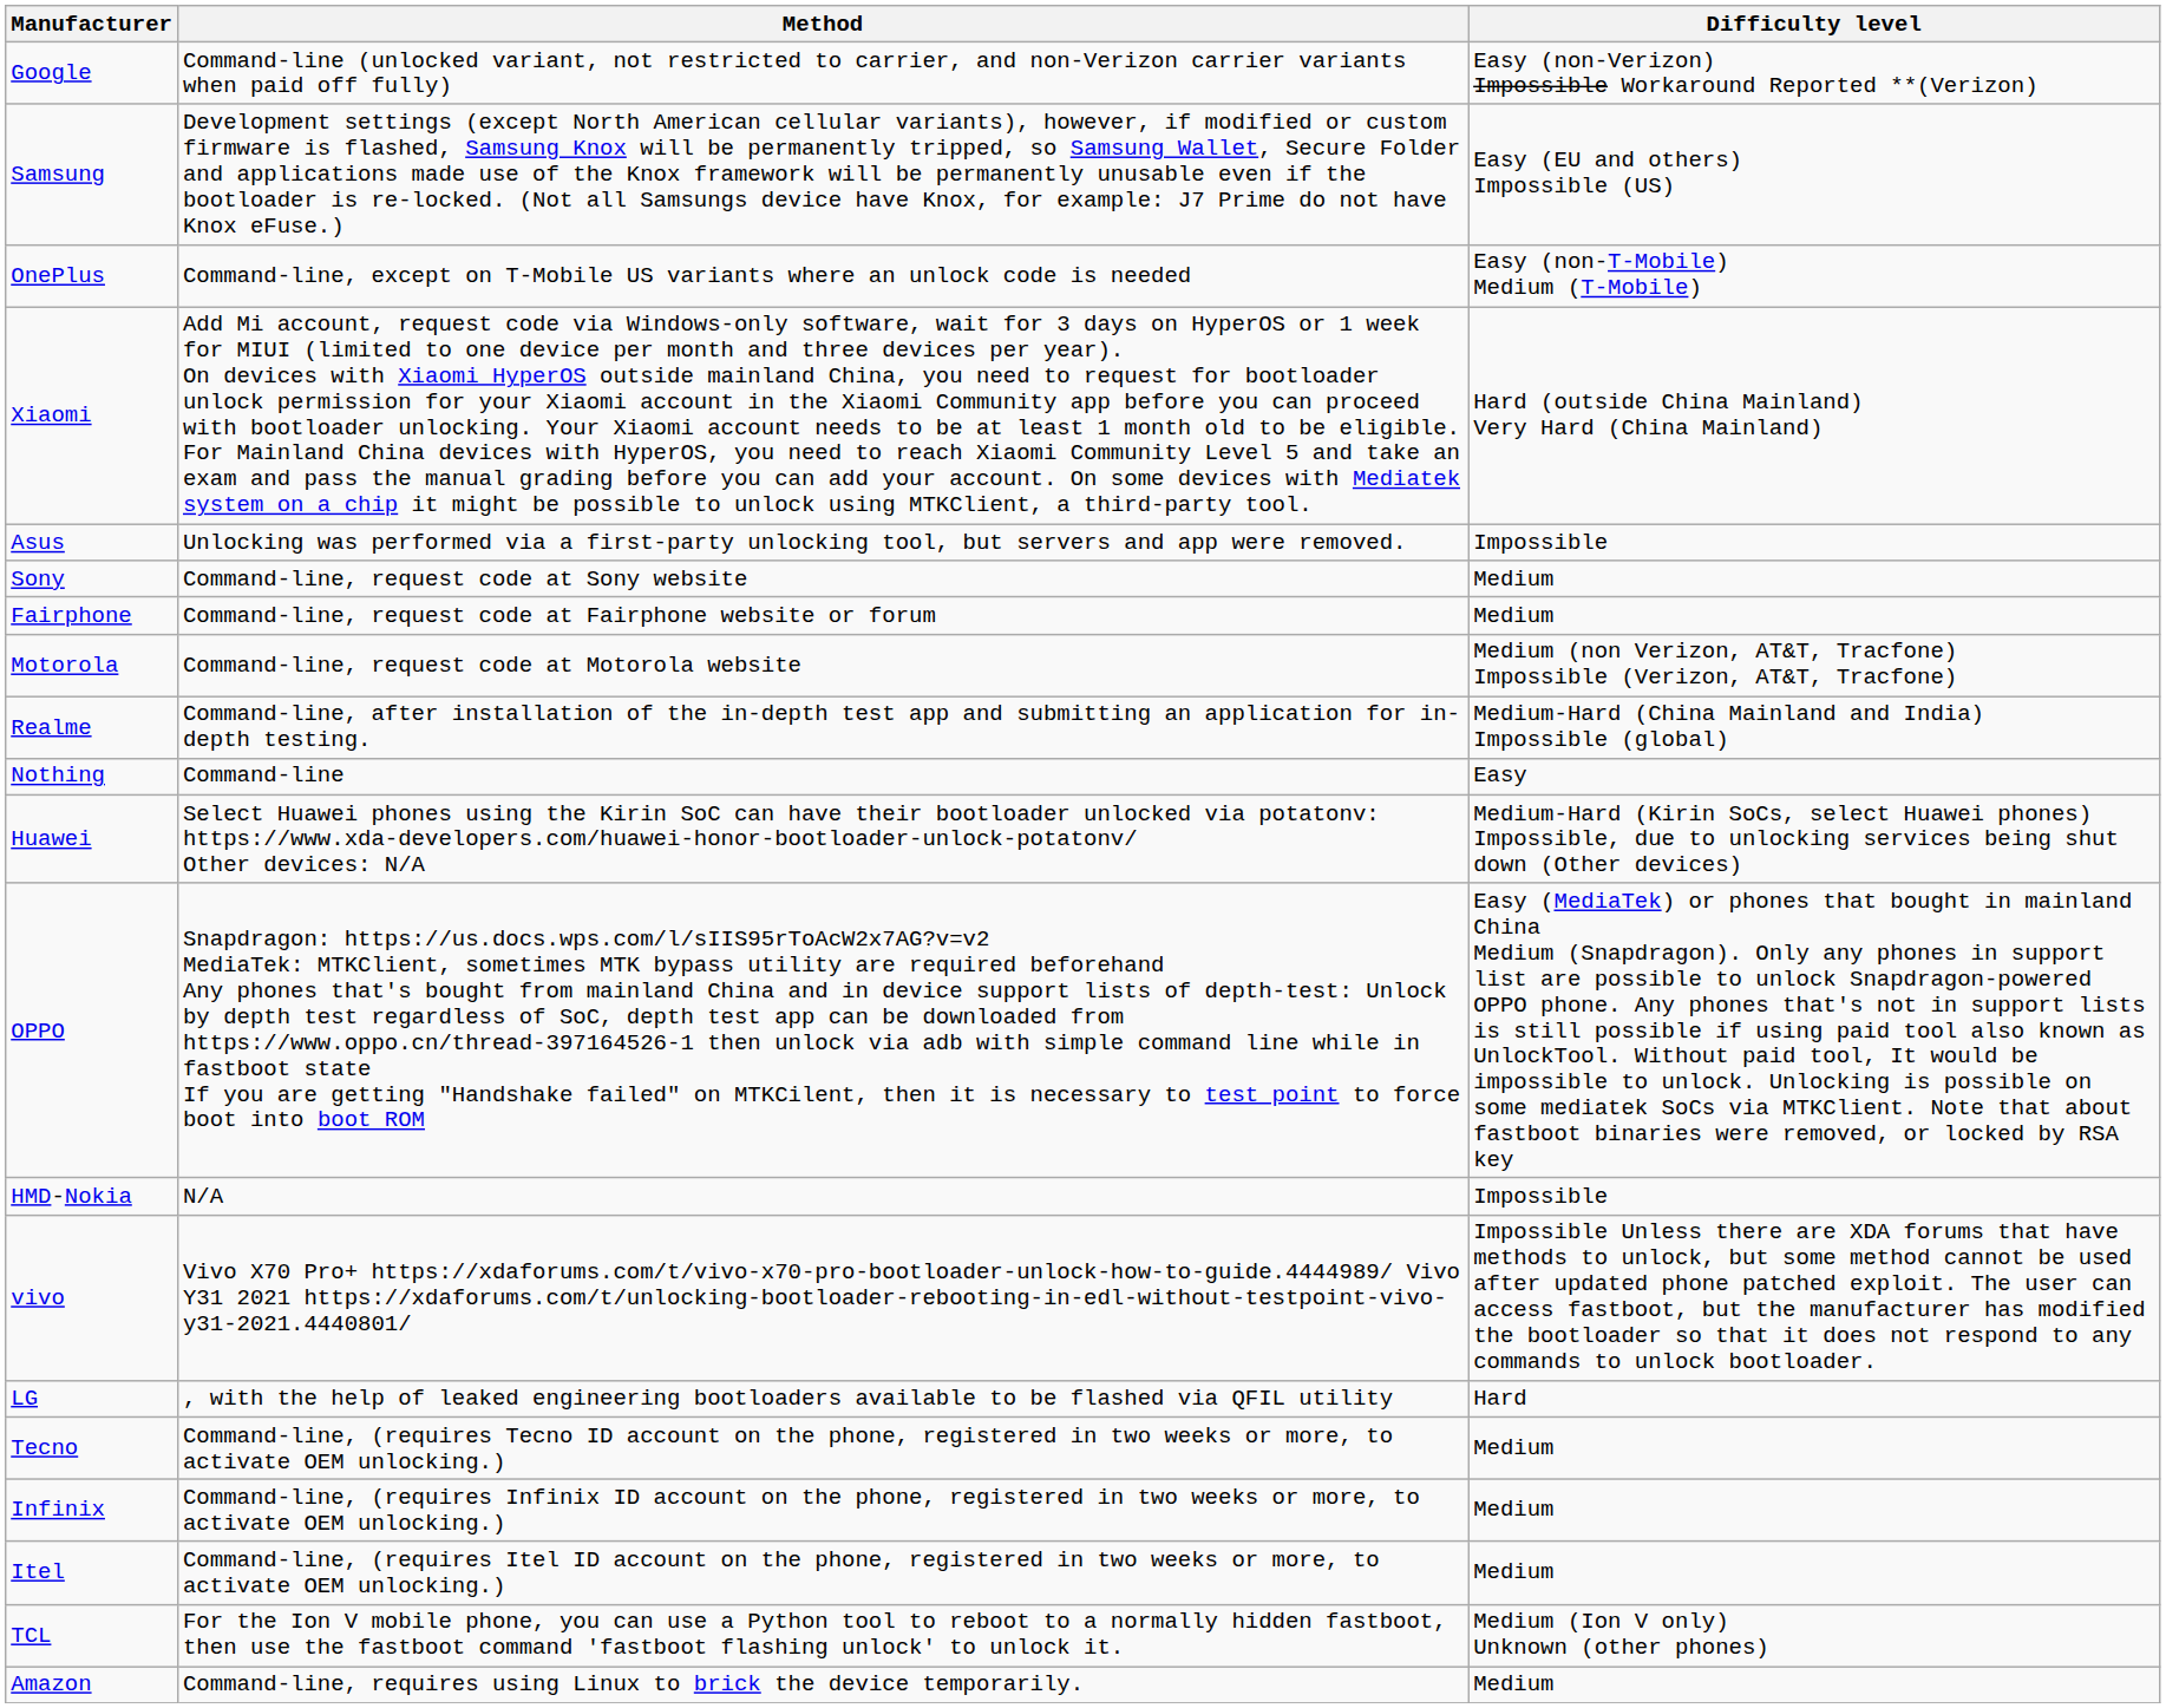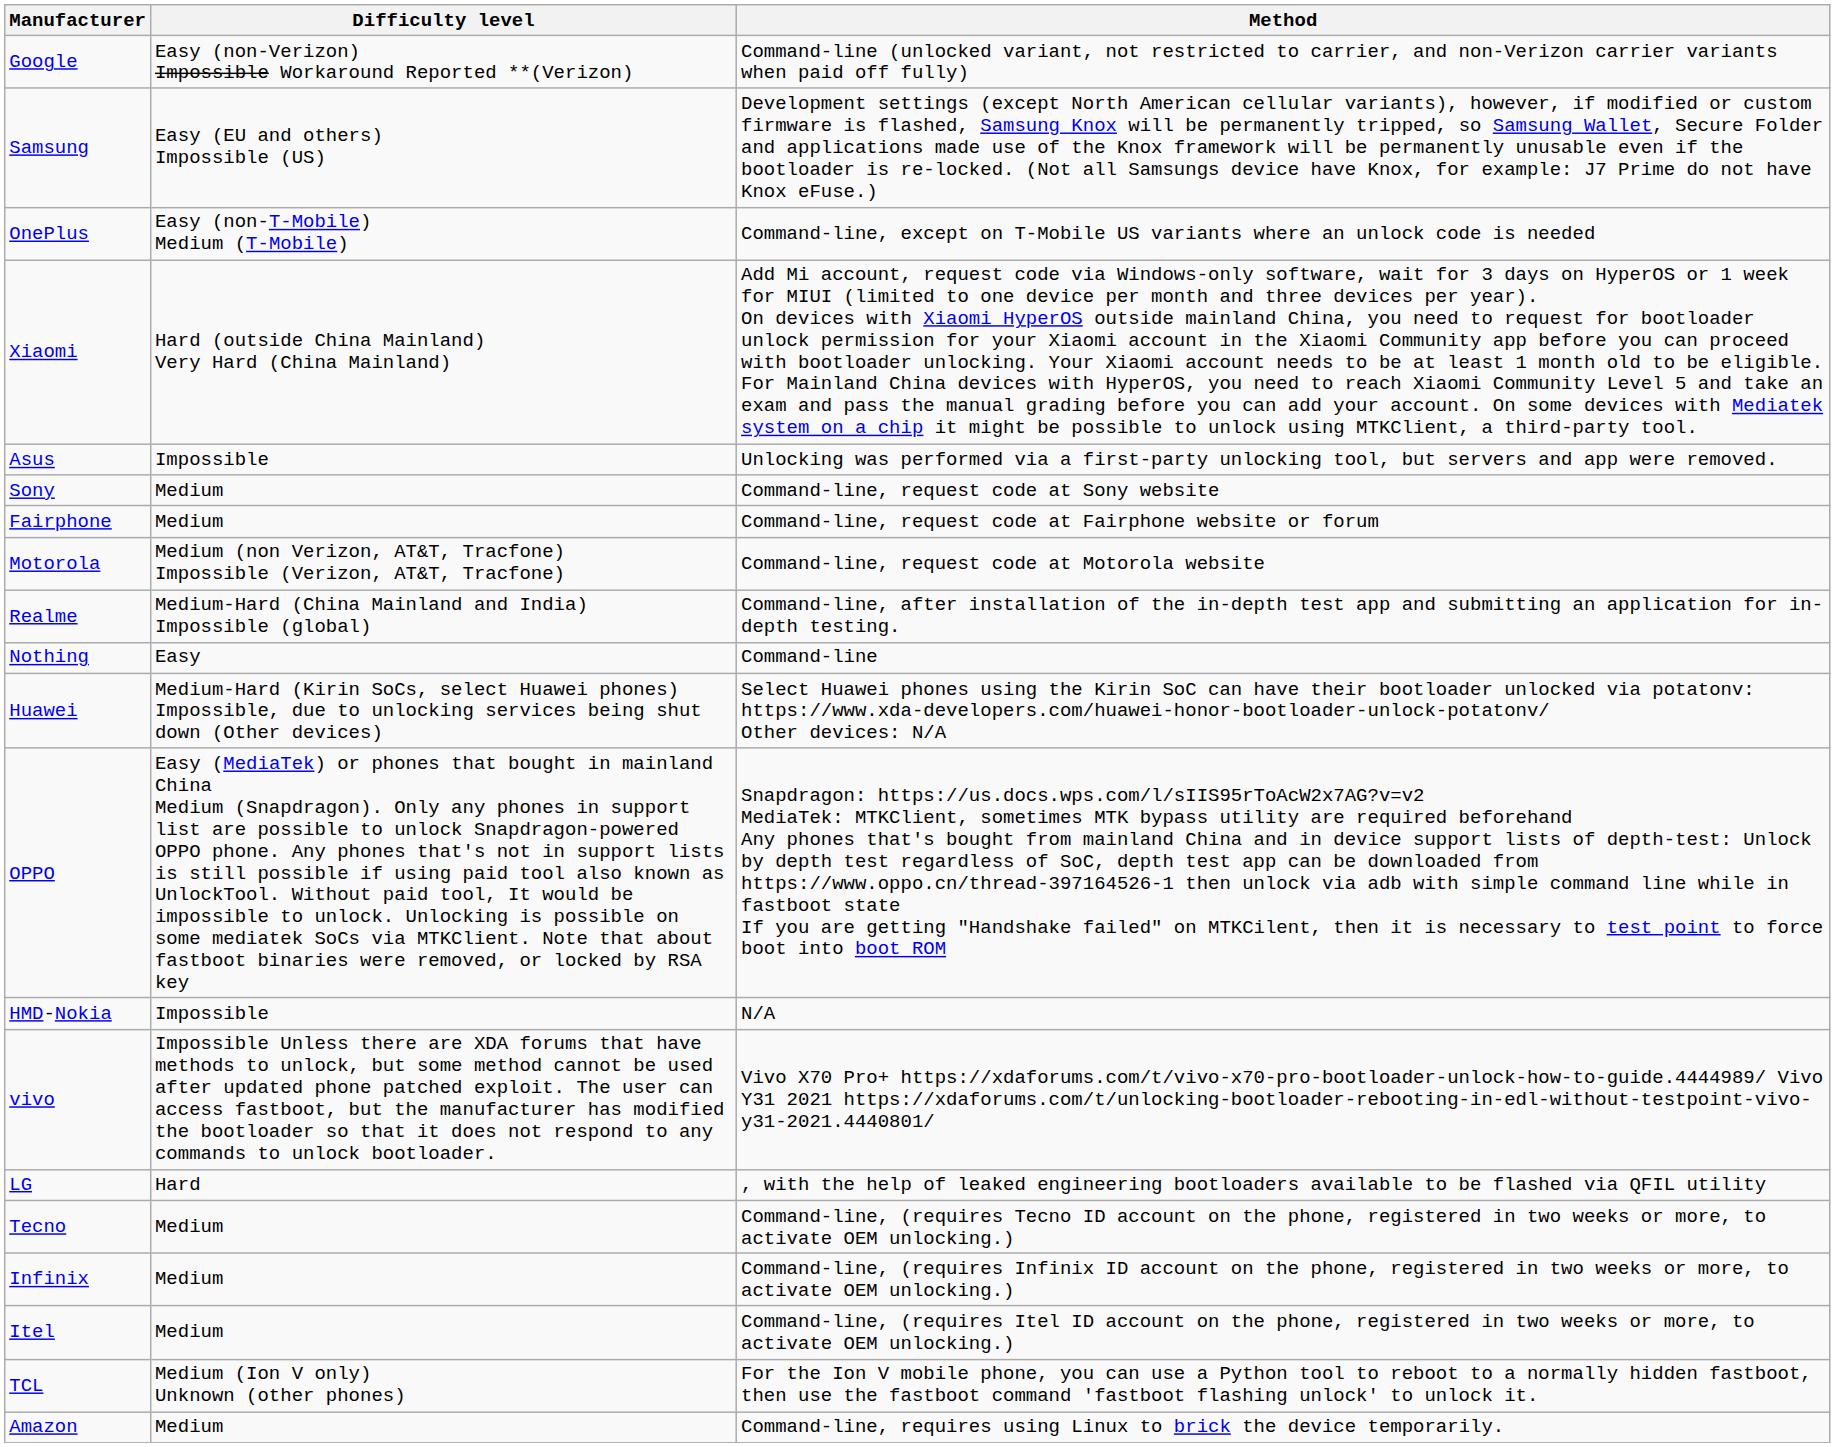 <table class="wikitable sortable">
 <tr>
 <th>Manufacturer</th>
+<th>Difficulty level</th>
 <th>Method</th>
-<th>Difficulty level</th>
 </tr>
 <tr>
 <td><a href='#'>Google</a></td>
+<td>Easy (non-Verizon)<br><s>Impossible</s> Workaround Reported **(Verizon)</td>
 <td>Command-line (unlocked variant, not restricted to carrier, and non-Verizon carrier variants when paid off fully)</td>
-<td>Easy (non-Verizon)<br><s>Impossible</s> Workaround Reported **(Verizon)</td>
 </tr>
 <tr>
 <td><a href='#'>Samsung</a></td>
+<td>Easy (EU and others)<br>Impossible (US)</td>
 <td>Development settings (except North American cellular variants), however, if modified or custom firmware is flashed, <a href='#'>Samsung Knox</a> will be permanently tripped, so <a href='#'>Samsung Wallet</a>, Secure Folder and applications made use of the Knox framework will be permanently unusable even if the bootloader is re-locked. (Not all Samsungs device have Knox, for example: J7 Prime do not have Knox eFuse.) </td>
-<td>Easy (EU and others)<br>Impossible (US)</td>
 </tr>
 <tr>
 <td><a href='#'>OnePlus</a></td>
+<td>Easy (non-<a href='#'>T-Mobile</a>)<br>Medium (<a href='#'>T-Mobile</a>)</td>
 <td>Command-line, except on T-Mobile US variants where an unlock code is needed</td>
-<td>Easy (non-<a href='#'>T-Mobile</a>)<br>Medium (<a href='#'>T-Mobile</a>)</td>
 </tr>
 <tr>
 <td><a href='#'>Xiaomi</a></td>
+<td>Hard (outside China Mainland)<br>Very Hard (China Mainland)</td>
 <td>Add Mi account, request code via Windows-only software, wait for 3 days on HyperOS or 1 week for MIUI (limited to one device per month and three devices per year).<br>On devices with <a href='#'>Xiaomi HyperOS</a> outside mainland China, you need to request for bootloader unlock permission for your Xiaomi account in the Xiaomi Community app before you can proceed with bootloader unlocking. Your Xiaomi account needs to be at least 1 month old to be eligible. For Mainland China devices with HyperOS, you need to reach Xiaomi Community Level 5 and take an exam and pass the manual grading before you can add your account. On some devices with <a href='#'>Mediatek</a> <a href='#'>system on a chip</a> it might be possible to unlock using MTKClient, a third-party tool.</td>
-<td>Hard (outside China Mainland)<br>Very Hard (China Mainland)</td>
 </tr>
 <tr>
 <td><a href='#'>Asus</a></td>
+<td>Impossible</td>
 <td>Unlocking was performed via a first-party unlocking tool, but servers and app were removed.</td>
-<td>Impossible</td>
 </tr>
 <tr>
 <td><a href='#'>Sony</a></td>
+<td>Medium</td>
 <td>Command-line, request code at Sony website</td>
-<td>Medium</td>
 </tr>
 <tr>
 <td><a href='#'>Fairphone</a></td>
+<td>Medium</td>
 <td>Command-line, request code at Fairphone website or forum</td>
-<td>Medium</td>
 </tr>
 <tr>
 <td><a href='#'>Motorola</a></td>
+<td>Medium (non Verizon, AT&T, Tracfone)<br>Impossible (Verizon, AT&T, Tracfone)</td>
 <td>Command-line, request code at Motorola website</td>
-<td>Medium (non Verizon, AT&T, Tracfone)<br>Impossible (Verizon, AT&T, Tracfone)</td>
 </tr>
 <tr>
 <td><a href='#'>Realme</a></td>
+<td>Medium-Hard (China Mainland and India)<br>Impossible (global)</td>
 <td>Command-line, after installation of the in-depth test app and submitting an application for in-depth testing.</td>
-<td>Medium-Hard (China Mainland and India)<br>Impossible (global)</td>
 </tr>
 <tr>
 <td><a href='#'>Nothing</a></td>
+<td>Easy</td>
 <td>Command-line</td>
-<td>Easy</td>
 </tr>
 <tr>
 <td><a href='#'>Huawei</a></td>
+<td>Medium-Hard (Kirin SoCs, select Huawei phones)<br>Impossible, due to unlocking services being shut down (Other devices)</td>
 <td>Select Huawei phones using the Kirin SoC can have their bootloader unlocked via potatonv: https://www.xda-developers.com/huawei-honor-bootloader-unlock-potatonv/<br>Other devices: N/A</td>
-<td>Medium-Hard (Kirin SoCs, select Huawei phones)<br>Impossible, due to unlocking services being shut down (Other devices)</td>
 </tr>
 <tr>
 <td><a href='#'>OPPO</a></td>
+<td>Easy (<a href='#'>MediaTek</a>) or phones that bought in mainland China<br>Medium (Snapdragon). Only any phones in support list are possible to unlock Snapdragon-powered OPPO phone. Any phones that's not in support lists is still possible if using paid tool also known as UnlockTool. Without paid tool, It would be impossible to unlock. Unlocking is possible on some mediatek SoCs via MTKClient. Note that about fastboot binaries were removed, or locked by RSA key</td>
 <td>Snapdragon: https://us.docs.wps.com/l/sIIS95rToAcW2x7AG?v=v2<br>MediaTek: MTKClient, sometimes MTK bypass utility are required beforehand<br>Any phones that's bought from mainland China and in device support lists of depth-test: Unlock by depth test regardless of SoC, depth test app can be downloaded from https://www.oppo.cn/thread-397164526-1 then unlock via adb with simple command line while in fastboot state<br>If you are getting "Handshake failed" on MTKCilent, then it is necessary to <a href='#'>test point</a> to force boot into <a href='#'>boot ROM</a></td>
-<td>Easy (<a href='#'>MediaTek</a>) or phones that bought in mainland China<br>Medium (Snapdragon). Only any phones in support list are possible to unlock Snapdragon-powered OPPO phone. Any phones that's not in support lists is still possible if using paid tool also known as UnlockTool. Without paid tool, It would be impossible to unlock. Unlocking is possible on some mediatek SoCs via MTKClient. Note that about fastboot binaries were removed, or locked by RSA key</td>
 </tr>
 <tr>
 <td><a href='#'>HMD</a>-<a href='#'>Nokia</a></td>
+<td>Impossible</td>
 <td>N/A</td>
-<td>Impossible</td>
 </tr>
 <tr>
 <td><a href='#'>vivo</a></td>
+<td>Impossible Unless there are XDA forums that have methods to unlock, but some method cannot be used after updated phone patched exploit. The user can access fastboot, but the manufacturer has modified the bootloader so that it does not respond to any commands to unlock bootloader.</td>
 <td>Vivo X70 Pro+ https://xdaforums.com/t/vivo-x70-pro-bootloader-unlock-how-to-guide.4444989/ Vivo Y31 2021 https://xdaforums.com/t/unlocking-bootloader-rebooting-in-edl-without-testpoint-vivo-y31-2021.4440801/</td>
-<td>Impossible Unless there are XDA forums that have methods to unlock, but some method cannot be used after updated phone patched exploit. The user can access fastboot, but the manufacturer has modified the bootloader so that it does not respond to any commands to unlock bootloader.</td>
 </tr>
 <tr>
 <td><a href='#'>LG</a></td>
+<td>Hard</td>
 <td>, with the help of leaked engineering bootloaders available to be flashed via QFIL utility</td>
-<td>Hard</td>
 </tr>
 <tr>
 <td><a href='#'>Tecno</a></td>
+<td>Medium</td>
 <td>Command-line, (requires Tecno ID account on the phone, registered in two weeks or more, to activate OEM unlocking.)</td>
-<td>Medium</td>
 </tr>
 <tr>
 <td><a href='#'>Infinix</a></td>
+<td>Medium</td>
 <td>Command-line, (requires Infinix ID account on the phone, registered in two weeks or more, to activate OEM unlocking.)</td>
-<td>Medium</td>
 </tr>
 <tr>
 <td><a href='#'>Itel</a></td>
+<td>Medium</td>
 <td>Command-line, (requires Itel ID account on the phone, registered in two weeks or more, to activate OEM unlocking.)</td>
-<td>Medium</td>
 </tr>
 <tr>
 <td><a href='#'>TCL</a></td>
+<td>Medium (Ion V only)<br>Unknown (other phones)</td>
 <td>For the Ion V mobile phone, you can use a Python tool to reboot to a normally hidden fastboot, then use the fastboot command 'fastboot flashing unlock' to unlock it.</td>
-<td>Medium (Ion V only)<br>Unknown (other phones)</td>
 </tr>
 <tr>
 <td><a href='#'>Amazon</a></td>
+<td>Medium</td>
 <td>Command-line, requires using Linux to <a href='#'>brick</a> the device temporarily.</td>
-<td>Medium</td>
 </tr>
 </table>
